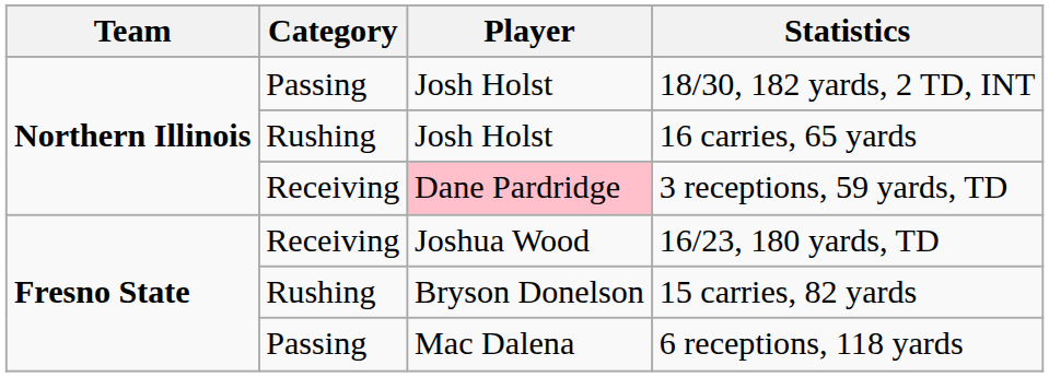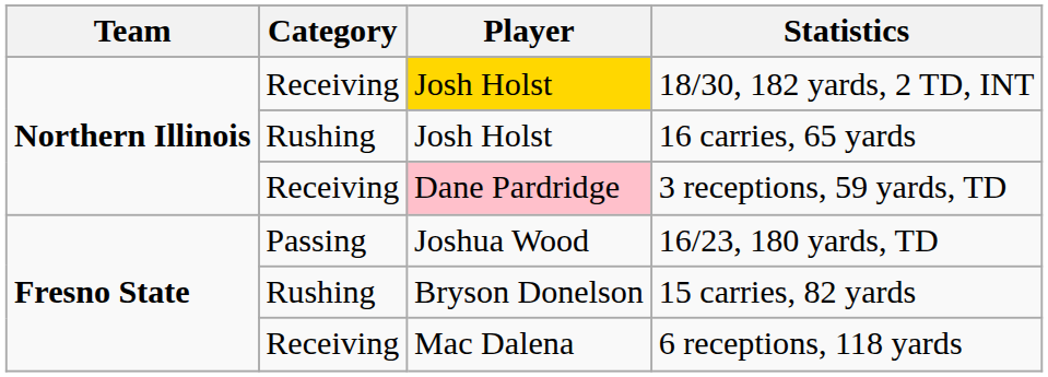 <table class="wikitable" style="float: right;">
 <tr>
 <th>Team</th>
 <th>Category</th>
 <th>Player</th>
 <th>Statistics</th>
 </tr>
 <tr>
 <td rowspan=3><strong>Northern Illinois</strong></td>
-<td>Passing</td>
-<td>Josh Holst</td>
+<td>Receiving</td>
+<td style="background: gold;">Josh Holst</td>
 <td>18/30, 182 yards, 2 TD, INT</td>
 </tr>
 <tr>
 <td>Rushing</td>
 <td>Josh Holst</td>
 <td>16 carries, 65 yards</td>
 </tr>
 <tr>
 <td>Receiving</td>
 <td style="background: pink;">Dane Pardridge</td>
 <td>3 receptions, 59 yards, TD</td>
 </tr>
 <tr>
 <td rowspan=3><strong>Fresno State</strong></td>
-<td>Receiving</td>
+<td>Passing</td>
 <td>Joshua Wood</td>
 <td>16/23, 180 yards, TD</td>
 </tr>
 <tr>
 <td>Rushing</td>
 <td>Bryson Donelson</td>
 <td>15 carries, 82 yards</td>
 </tr>
 <tr>
-<td>Passing</td>
+<td>Receiving</td>
 <td>Mac Dalena</td>
 <td>6 receptions, 118 yards</td>
 </tr>
 </table>
